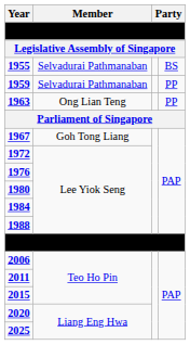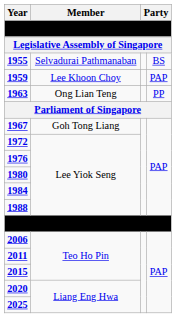 <table class="wikitable" align="center" style="text-align:center">
 <tr>
 <th>Year</th>
 <th>Member</th>
 <th colspan="2">Party</th>
 </tr>
 <tr>
 <td colspan=4 bgcolor=black><span><strong>Formation</strong></span></td>
 </tr>
 <tr>
 <th colspan="4"><a href='#'>Legislative Assembly of Singapore</a></th>
 </tr>
 <tr>
 <td><strong><a href='#'>1955</a></strong></td>
 <td><a href='#'>Selvadurai Pathmanaban</a></td>
 <td></td>
 <td><a href='#'>BS</a></td>
 </tr>
 <tr>
 <td><strong><a href='#'>1959</a></strong></td>
-<td><a href='#'>Selvadurai Pathmanaban</a></td>
+<td><a href='#'>Lee Khoon Choy</a></td>
 <td></td>
-<td><a href='#'>PP</a></td>
+<td><a href='#'>PAP</a></td>
 </tr>
 <tr>
 <td><strong><a href='#'>1963</a></strong></td>
 <td>Ong Lian Teng</td>
 <td></td>
 <td><a href='#'>PP</a></td>
 </tr>
 <tr>
 <th colspan="4"><a href='#'>Parliament of Singapore</a></th>
 </tr>
 <tr>
 <td><strong><a href='#'>1967</a></strong></td>
 <td>Goh Tong Liang</td>
 <td rowspan="6"></td>
 <td rowspan="6"><a href='#'>PAP</a></td>
 </tr>
 <tr>
 <td><strong><a href='#'>1972</a></strong></td>
 <td rowspan = "5">Lee Yiok Seng</td>
 </tr>
 <tr>
 <td><strong><a href='#'>1976</a></strong></td>
 </tr>
 <tr>
 <td><strong><a href='#'>1980</a></strong></td>
 </tr>
 <tr>
 <td><strong><a href='#'>1984</a></strong></td>
 </tr>
 <tr>
 <td><strong><a href='#'>1988</a></strong></td>
 </tr>
 <tr>
 <td colspan=4 bgcolor=black><span><strong>Constituency abolished (1991 – 2006)</strong></span></td>
 </tr>
 <tr>
 <td><strong><a href='#'>2006</a></strong></td>
 <td rowspan="3"><a href='#'>Teo Ho Pin</a></td>
 <td rowspan="5"></td>
 <td rowspan="5"><a href='#'>PAP</a></td>
 </tr>
 <tr>
 <td><strong><a href='#'>2011</a></strong></td>
 </tr>
 <tr>
 <td><strong><a href='#'>2015</a></strong></td>
 </tr>
 <tr>
 <td><strong><a href='#'>2020</a></strong></td>
 <td rowspan="2"><a href='#'>Liang Eng Hwa</a></td>
 </tr>
 <tr>
 <td><strong><a href='#'>2025</a></strong></td>
 </tr>
 </table>
